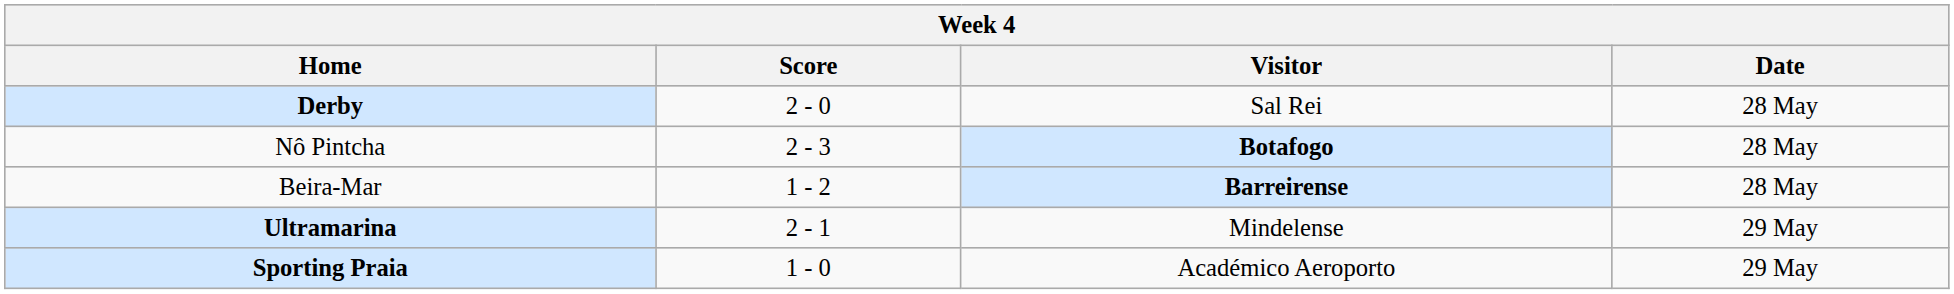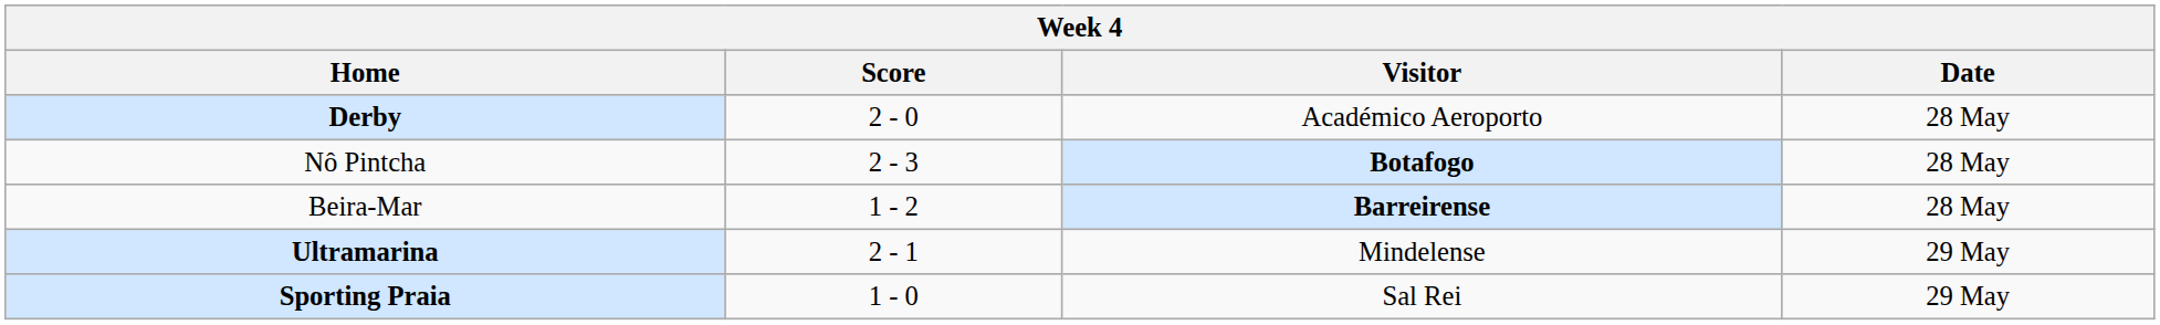 <table class="wikitable" style="font-size:95%; text-align: center; width: 95%;">
 <tr>
 <th colspan="12" style="with: 100%;" align=center>Week 4</th>
 </tr>
 <tr>
 <th width="200">Home</th>
 <th width="90">Score</th>
 <th width="200">Visitor</th>
 <th width="100">Date</th>
 </tr>
 <tr align=center>
 <td bgcolor=#D0E7FF><strong>Derby</strong></td>
 <td>2 - 0</td>
-<td>Sal Rei</td>
+<td>Académico Aeroporto</td>
 <td>28 May</td>
 </tr>
 <tr align=center>
 <td>Nô Pintcha</td>
 <td>2 - 3</td>
 <td bgcolor=#D0E7FF><strong>Botafogo</strong></td>
 <td>28 May</td>
 </tr>
 <tr align=center>
 <td>Beira-Mar</td>
 <td>1 - 2</td>
 <td bgcolor=#D0E7FF><strong>Barreirense</strong></td>
 <td>28 May</td>
 </tr>
 <tr align=center>
 <td bgcolor=#D0E7FF><strong>Ultramarina</strong></td>
 <td>2 - 1</td>
 <td>Mindelense</td>
 <td>29 May</td>
 </tr>
 <tr align=center>
 <td bgcolor=#D0E7FF><strong>Sporting Praia</strong></td>
 <td>1 - 0</td>
-<td>Académico Aeroporto</td>
+<td>Sal Rei</td>
 <td>29 May</td>
 </tr>
 </table>
